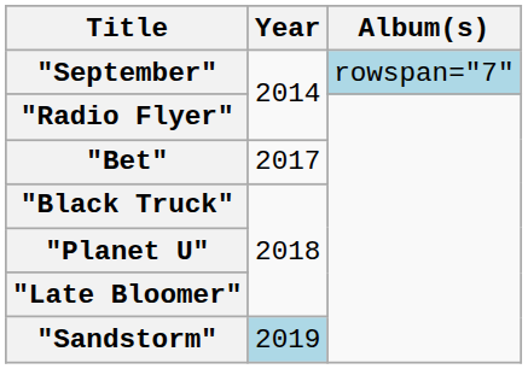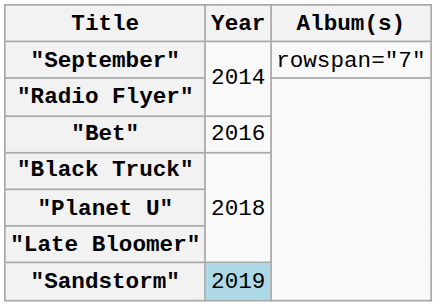 <table class="wikitable plainrowheaders" style="text-align:center;">
 <tr>
 <th scope="col">Title</th>
 <th scope="col">Year</th>
 <th scope="col">Album(s)</th>
 </tr>
 <tr>
 <th scope="row">"September"</th>
 <td rowspan="2" style="text-align:center;">2014</td>
-<td style="background: lightblue;">rowspan="7" </td>
+<td>rowspan="7" </td>
 </tr>
 <tr>
 <th scope="row">"Radio Flyer"</th>
 </tr>
 <tr>
 <th scope="row">"Bet"</th>
-<td style="text-align:center;">2017</td>
+<td style="text-align:center;">2016</td>
 </tr>
 <tr>
 <th scope="row">"Black Truck"</th>
 <td rowspan="3" style="text-align:center;">2018</td>
 </tr>
 <tr>
 <th scope="row">"Planet U"</th>
 </tr>
 <tr>
 <th scope="row">"Late Bloomer"</th>
 </tr>
 <tr>
 <th scope="row">"Sandstorm"</th>
 <td style="background: lightblue; text-align:center;">2019</td>
 </tr>
 </table>
